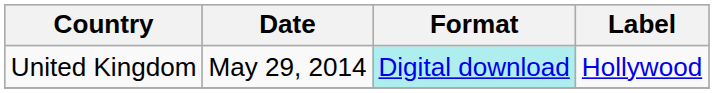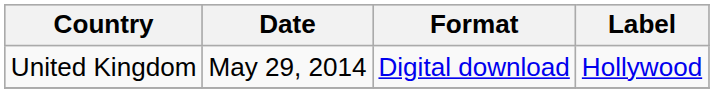 <table class="wikitable">
 <tr>
 <th>Country</th>
 <th>Date</th>
 <th>Format</th>
 <th>Label</th>
 </tr>
 <tr>
 <td>United Kingdom</td>
 <td>May 29, 2014</td>
-<td style="background: paleturquoise;"><a href='#'>Digital download</a></td>
+<td><a href='#'>Digital download</a></td>
 <td><a href='#'>Hollywood</a></td>
 </tr>
 <tr>
 </tr>
 </table>
